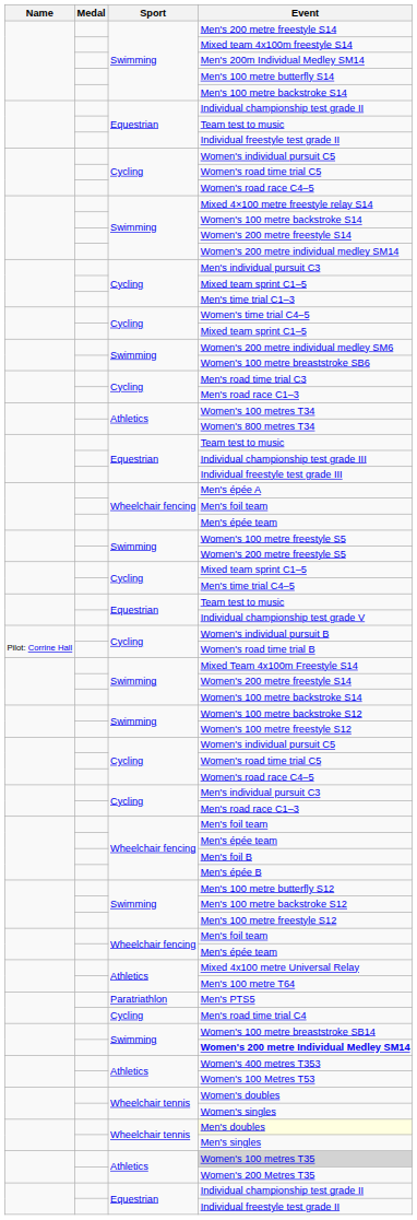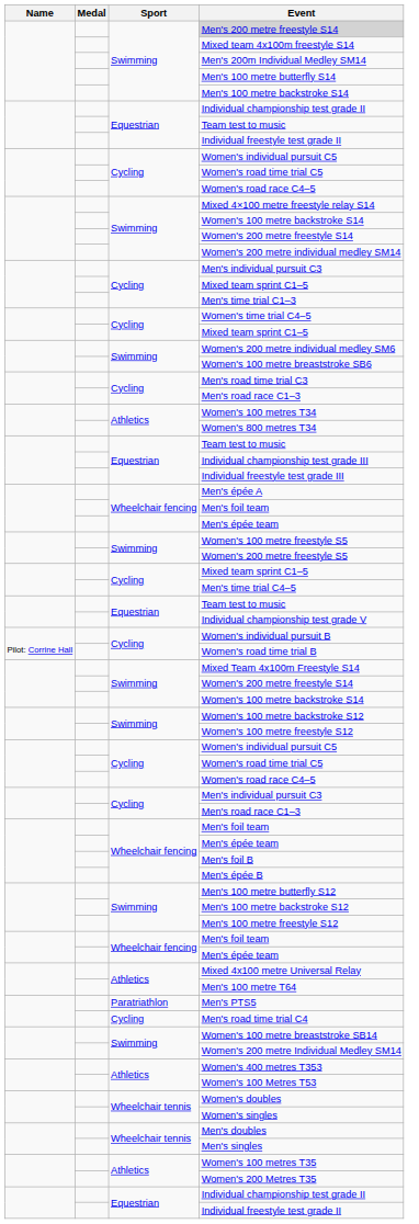 <table class="wikitable sortable" style="font-size:90%">
 <tr>
 <th>Name</th>
 <th>Medal</th>
 <th>Sport</th>
 <th>Event</th>
 </tr>
 <tr>
 <td rowspan=5></td>
 <td></td>
 <td rowspan=5><a href='#'>Swimming</a></td>
-<td><a href='#'>Men's 200 metre freestyle S14</a></td>
+<td style="background: lightgrey;"><a href='#'>Men's 200 metre freestyle S14</a></td>
 </tr>
 <tr>
 <td></td>
 <td><a href='#'>Mixed team 4x100m freestyle S14</a></td>
 </tr>
 <tr>
 <td></td>
 <td><a href='#'>Men's 200m Individual Medley SM14</a></td>
 </tr>
 <tr>
 <td></td>
 <td><a href='#'>Men's 100 metre butterfly S14</a></td>
 </tr>
 <tr>
 <td></td>
 <td><a href='#'>Men's 100 metre backstroke S14</a></td>
 </tr>
 <tr>
 <td rowspan=3></td>
 <td></td>
 <td rowspan=3><a href='#'>Equestrian</a></td>
 <td><a href='#'>Individual championship test grade II</a></td>
 </tr>
 <tr>
 <td></td>
 <td><a href='#'>Team test to music</a></td>
 </tr>
 <tr>
 <td></td>
 <td><a href='#'>Individual freestyle test grade II</a></td>
 </tr>
 <tr>
 <td rowspan=3></td>
 <td></td>
 <td rowspan=3><a href='#'>Cycling</a></td>
 <td><a href='#'>Women's individual pursuit C5</a></td>
 </tr>
 <tr>
 <td></td>
 <td><a href='#'>Women's road time trial C5</a></td>
 </tr>
 <tr>
 <td></td>
 <td><a href='#'>Women's road race C4–5</a></td>
 </tr>
 <tr>
 <td rowspan=4></td>
 <td></td>
 <td rowspan=4><a href='#'>Swimming</a></td>
 <td><a href='#'>Mixed 4×100 metre freestyle relay S14</a></td>
 </tr>
 <tr>
 <td></td>
 <td><a href='#'>Women's 100 metre backstroke S14</a></td>
 </tr>
 <tr>
 <td></td>
 <td><a href='#'>Women's 200 metre freestyle S14</a></td>
 </tr>
 <tr>
 <td></td>
 <td><a href='#'>Women's 200 metre individual medley SM14</a></td>
 </tr>
 <tr>
 <td rowspan=3></td>
 <td></td>
 <td rowspan=3><a href='#'>Cycling</a></td>
 <td><a href='#'>Men's individual pursuit C3</a></td>
 </tr>
 <tr>
 <td></td>
 <td><a href='#'>Mixed team sprint C1–5</a></td>
 </tr>
 <tr>
 <td></td>
 <td><a href='#'>Men's time trial C1–3</a></td>
 </tr>
 <tr>
 <td rowspan=2></td>
 <td></td>
 <td rowspan=2><a href='#'>Cycling</a></td>
 <td><a href='#'>Women's time trial C4–5</a></td>
 </tr>
 <tr>
 <td></td>
 <td><a href='#'>Mixed team sprint C1–5</a></td>
 </tr>
 <tr>
 <td rowspan=2></td>
 <td></td>
 <td rowspan=2><a href='#'>Swimming</a></td>
 <td><a href='#'>Women's 200 metre individual medley SM6</a></td>
 </tr>
 <tr>
 <td></td>
 <td><a href='#'>Women's 100 metre breaststroke SB6</a></td>
 </tr>
 <tr>
 <td rowspan=2></td>
 <td></td>
 <td rowspan=2><a href='#'>Cycling</a></td>
 <td><a href='#'>Men's road time trial C3</a></td>
 </tr>
 <tr>
 <td></td>
 <td><a href='#'>Men's road race C1–3</a></td>
 </tr>
 <tr>
 <td rowspan=2></td>
 <td></td>
 <td rowspan=2><a href='#'>Athletics</a></td>
 <td><a href='#'>Women's 100 metres T34</a></td>
 </tr>
 <tr>
 <td></td>
 <td><a href='#'>Women's 800 metres T34</a></td>
 </tr>
 <tr>
 <td rowspan=3></td>
 <td></td>
 <td rowspan=3><a href='#'>Equestrian</a></td>
 <td><a href='#'>Team test to music</a></td>
 </tr>
 <tr>
 <td></td>
 <td><a href='#'>Individual championship test grade III</a></td>
 </tr>
 <tr>
 <td></td>
 <td><a href='#'>Individual freestyle test grade III</a></td>
 </tr>
 <tr>
 <td rowspan=3></td>
 <td></td>
 <td rowspan=3><a href='#'>Wheelchair fencing</a></td>
 <td><a href='#'>Men's épée A</a></td>
 </tr>
 <tr>
 <td></td>
 <td><a href='#'>Men's foil team</a></td>
 </tr>
 <tr>
 <td></td>
 <td><a href='#'>Men's épée team</a></td>
 </tr>
 <tr>
 <td rowspan=2></td>
 <td></td>
 <td rowspan=2><a href='#'>Swimming</a></td>
 <td><a href='#'>Women's 100 metre freestyle S5</a></td>
 </tr>
 <tr>
 <td></td>
 <td><a href='#'>Women's 200 metre freestyle S5</a></td>
 </tr>
 <tr>
 <td rowspan=2></td>
 <td></td>
 <td rowspan=2><a href='#'>Cycling</a></td>
 <td><a href='#'>Mixed team sprint C1–5</a></td>
 </tr>
 <tr>
 <td></td>
 <td><a href='#'>Men's time trial C4–5</a></td>
 </tr>
 <tr>
 <td rowspan=2></td>
 <td></td>
 <td rowspan=2><a href='#'>Equestrian</a></td>
 <td><a href='#'>Team test to music</a></td>
 </tr>
 <tr>
 <td></td>
 <td><a href='#'>Individual championship test grade V</a></td>
 </tr>
 <tr>
 <td rowspan=2><br><small>Pilot: <a href='#'>Corrine Hall</a></small></td>
 <td></td>
 <td rowspan=2><a href='#'>Cycling</a></td>
 <td><a href='#'>Women's individual pursuit B</a></td>
 </tr>
 <tr>
 <td></td>
 <td><a href='#'>Women's road time trial B</a></td>
 </tr>
 <tr>
 <td rowspan=3></td>
 <td></td>
 <td rowspan=3><a href='#'>Swimming</a></td>
 <td><a href='#'>Mixed Team 4x100m Freestyle S14</a></td>
 </tr>
 <tr>
 <td></td>
 <td><a href='#'>Women's 200 metre freestyle S14</a></td>
 </tr>
 <tr>
 <td></td>
 <td><a href='#'>Women's 100 metre backstroke S14</a></td>
 </tr>
 <tr>
 <td rowspan=2></td>
 <td></td>
 <td rowspan=2><a href='#'>Swimming</a></td>
 <td><a href='#'>Women's 100 metre backstroke S12</a></td>
 </tr>
 <tr>
 <td></td>
 <td><a href='#'>Women's 100 metre freestyle S12</a></td>
 </tr>
 <tr>
 <td rowspan=3></td>
 <td></td>
 <td rowspan=3><a href='#'>Cycling</a></td>
 <td><a href='#'>Women's individual pursuit C5</a></td>
 </tr>
 <tr>
 <td></td>
 <td><a href='#'>Women's road time trial C5</a></td>
 </tr>
 <tr>
 <td></td>
 <td><a href='#'>Women's road race C4–5</a></td>
 </tr>
 <tr>
 <td rowspan=2></td>
 <td></td>
 <td rowspan=2><a href='#'>Cycling</a></td>
 <td><a href='#'>Men's individual pursuit C3</a></td>
 </tr>
 <tr>
 <td></td>
 <td><a href='#'>Men's road race C1–3</a></td>
 </tr>
 <tr>
 <td rowspan=4></td>
 <td></td>
 <td rowspan=4><a href='#'>Wheelchair fencing</a></td>
 <td><a href='#'>Men's foil team</a></td>
 </tr>
 <tr>
 <td></td>
 <td><a href='#'>Men's épée team</a></td>
 </tr>
 <tr>
 <td></td>
 <td><a href='#'>Men's foil B</a></td>
 </tr>
 <tr>
 <td></td>
 <td><a href='#'>Men's épée B</a></td>
 </tr>
 <tr>
 <td rowspan=3></td>
 <td></td>
 <td rowspan=3><a href='#'>Swimming</a></td>
 <td><a href='#'>Men's 100 metre butterfly S12</a></td>
 </tr>
 <tr>
 <td></td>
 <td><a href='#'>Men's 100 metre backstroke S12</a></td>
 </tr>
 <tr>
 <td></td>
 <td><a href='#'>Men's 100 metre freestyle S12</a></td>
 </tr>
 <tr>
 <td rowspan=2></td>
 <td></td>
 <td rowspan=2><a href='#'>Wheelchair fencing</a></td>
 <td><a href='#'>Men's foil team</a></td>
 </tr>
 <tr>
 <td></td>
 <td><a href='#'>Men's épée team</a></td>
 </tr>
 <tr>
 <td rowspan=2></td>
 <td></td>
 <td rowspan=2><a href='#'>Athletics</a></td>
 <td><a href='#'>Mixed 4x100 metre Universal Relay</a></td>
 </tr>
 <tr>
 <td></td>
 <td><a href='#'>Men's 100 metre T64</a></td>
 </tr>
 <tr>
 <td rowspan=2></td>
 <td></td>
 <td><a href='#'>Paratriathlon</a></td>
 <td><a href='#'>Men's PTS5</a></td>
 </tr>
 <tr>
 <td></td>
 <td><a href='#'>Cycling</a></td>
 <td><a href='#'>Men's road time trial C4</a></td>
 </tr>
 <tr>
 <td rowspan=2></td>
 <td></td>
 <td rowspan=2><a href='#'>Swimming</a></td>
 <td><a href='#'>Women's 100 metre breaststroke SB14</a></td>
 </tr>
 <tr>
 <td></td>
-<td><strong><a href='#'>Women's 200 metre Individual Medley SM14</a></strong></td>
+<td><a href='#'>Women's 200 metre Individual Medley SM14</a></td>
 </tr>
 <tr>
 <td rowspan=2></td>
 <td></td>
 <td rowspan=2><a href='#'>Athletics</a></td>
 <td><a href='#'>Women's 400 metres T353</a></td>
 </tr>
 <tr>
 <td></td>
 <td><a href='#'>Women's 100 Metres T53</a></td>
 </tr>
 <tr>
 <td rowspan=2></td>
 <td></td>
 <td rowspan=2><a href='#'>Wheelchair tennis</a></td>
 <td><a href='#'>Women's doubles</a></td>
 </tr>
 <tr>
 <td></td>
 <td><a href='#'>Women's singles</a></td>
 </tr>
 <tr>
 <td rowspan=2></td>
 <td></td>
 <td rowspan=2><a href='#'>Wheelchair tennis</a></td>
-<td style="background: lightyellow;"><a href='#'>Men's doubles</a></td>
+<td><a href='#'>Men's doubles</a></td>
 </tr>
 <tr>
 <td></td>
 <td><a href='#'>Men's singles</a></td>
 </tr>
 <tr>
 <td rowspan=2></td>
 <td></td>
 <td rowspan=2><a href='#'>Athletics</a></td>
-<td style="background: lightgrey;"><a href='#'>Women's 100 metres T35</a></td>
+<td><a href='#'>Women's 100 metres T35</a></td>
 </tr>
 <tr>
 <td></td>
 <td><a href='#'>Women's 200 Metres T35</a></td>
 </tr>
 <tr>
 <td rowspan=2></td>
 <td></td>
 <td rowspan=2><a href='#'>Equestrian</a></td>
 <td><a href='#'>Individual championship test grade II</a></td>
 </tr>
 <tr>
 <td></td>
 <td><a href='#'>Individual freestyle test grade II</a></td>
 </tr>
 </table>
